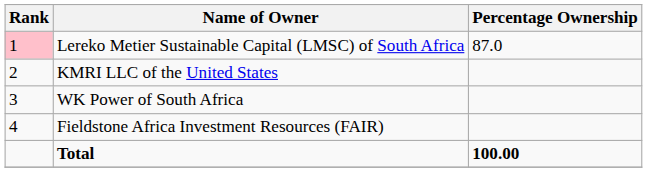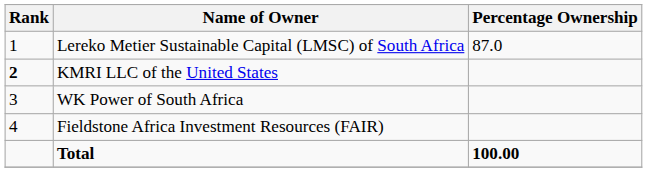 <table class="wikitable sortable" style="margin: 0.5em auto">
 <tr>
 <th>Rank</th>
 <th>Name of Owner</th>
 <th>Percentage Ownership</th>
 </tr>
 <tr>
-<td style="background: pink;">1</td>
+<td>1</td>
 <td>Lereko Metier Sustainable Capital (LMSC) of <a href='#'>South Africa</a></td>
 <td>87.0</td>
 </tr>
 <tr>
-<td>2</td>
+<td><strong>2</strong></td>
 <td>KMRI LLC of the <a href='#'>United States</a></td>
 <td></td>
 </tr>
 <tr>
 <td>3</td>
 <td>WK Power of South Africa</td>
 <td></td>
 </tr>
 <tr>
 <td>4</td>
 <td>Fieldstone Africa Investment Resources (FAIR)</td>
 <td></td>
 </tr>
 <tr>
 <td></td>
 <td><strong>Total</strong></td>
 <td><strong>100.00</strong></td>
 </tr>
 <tr>
 </tr>
 </table>
